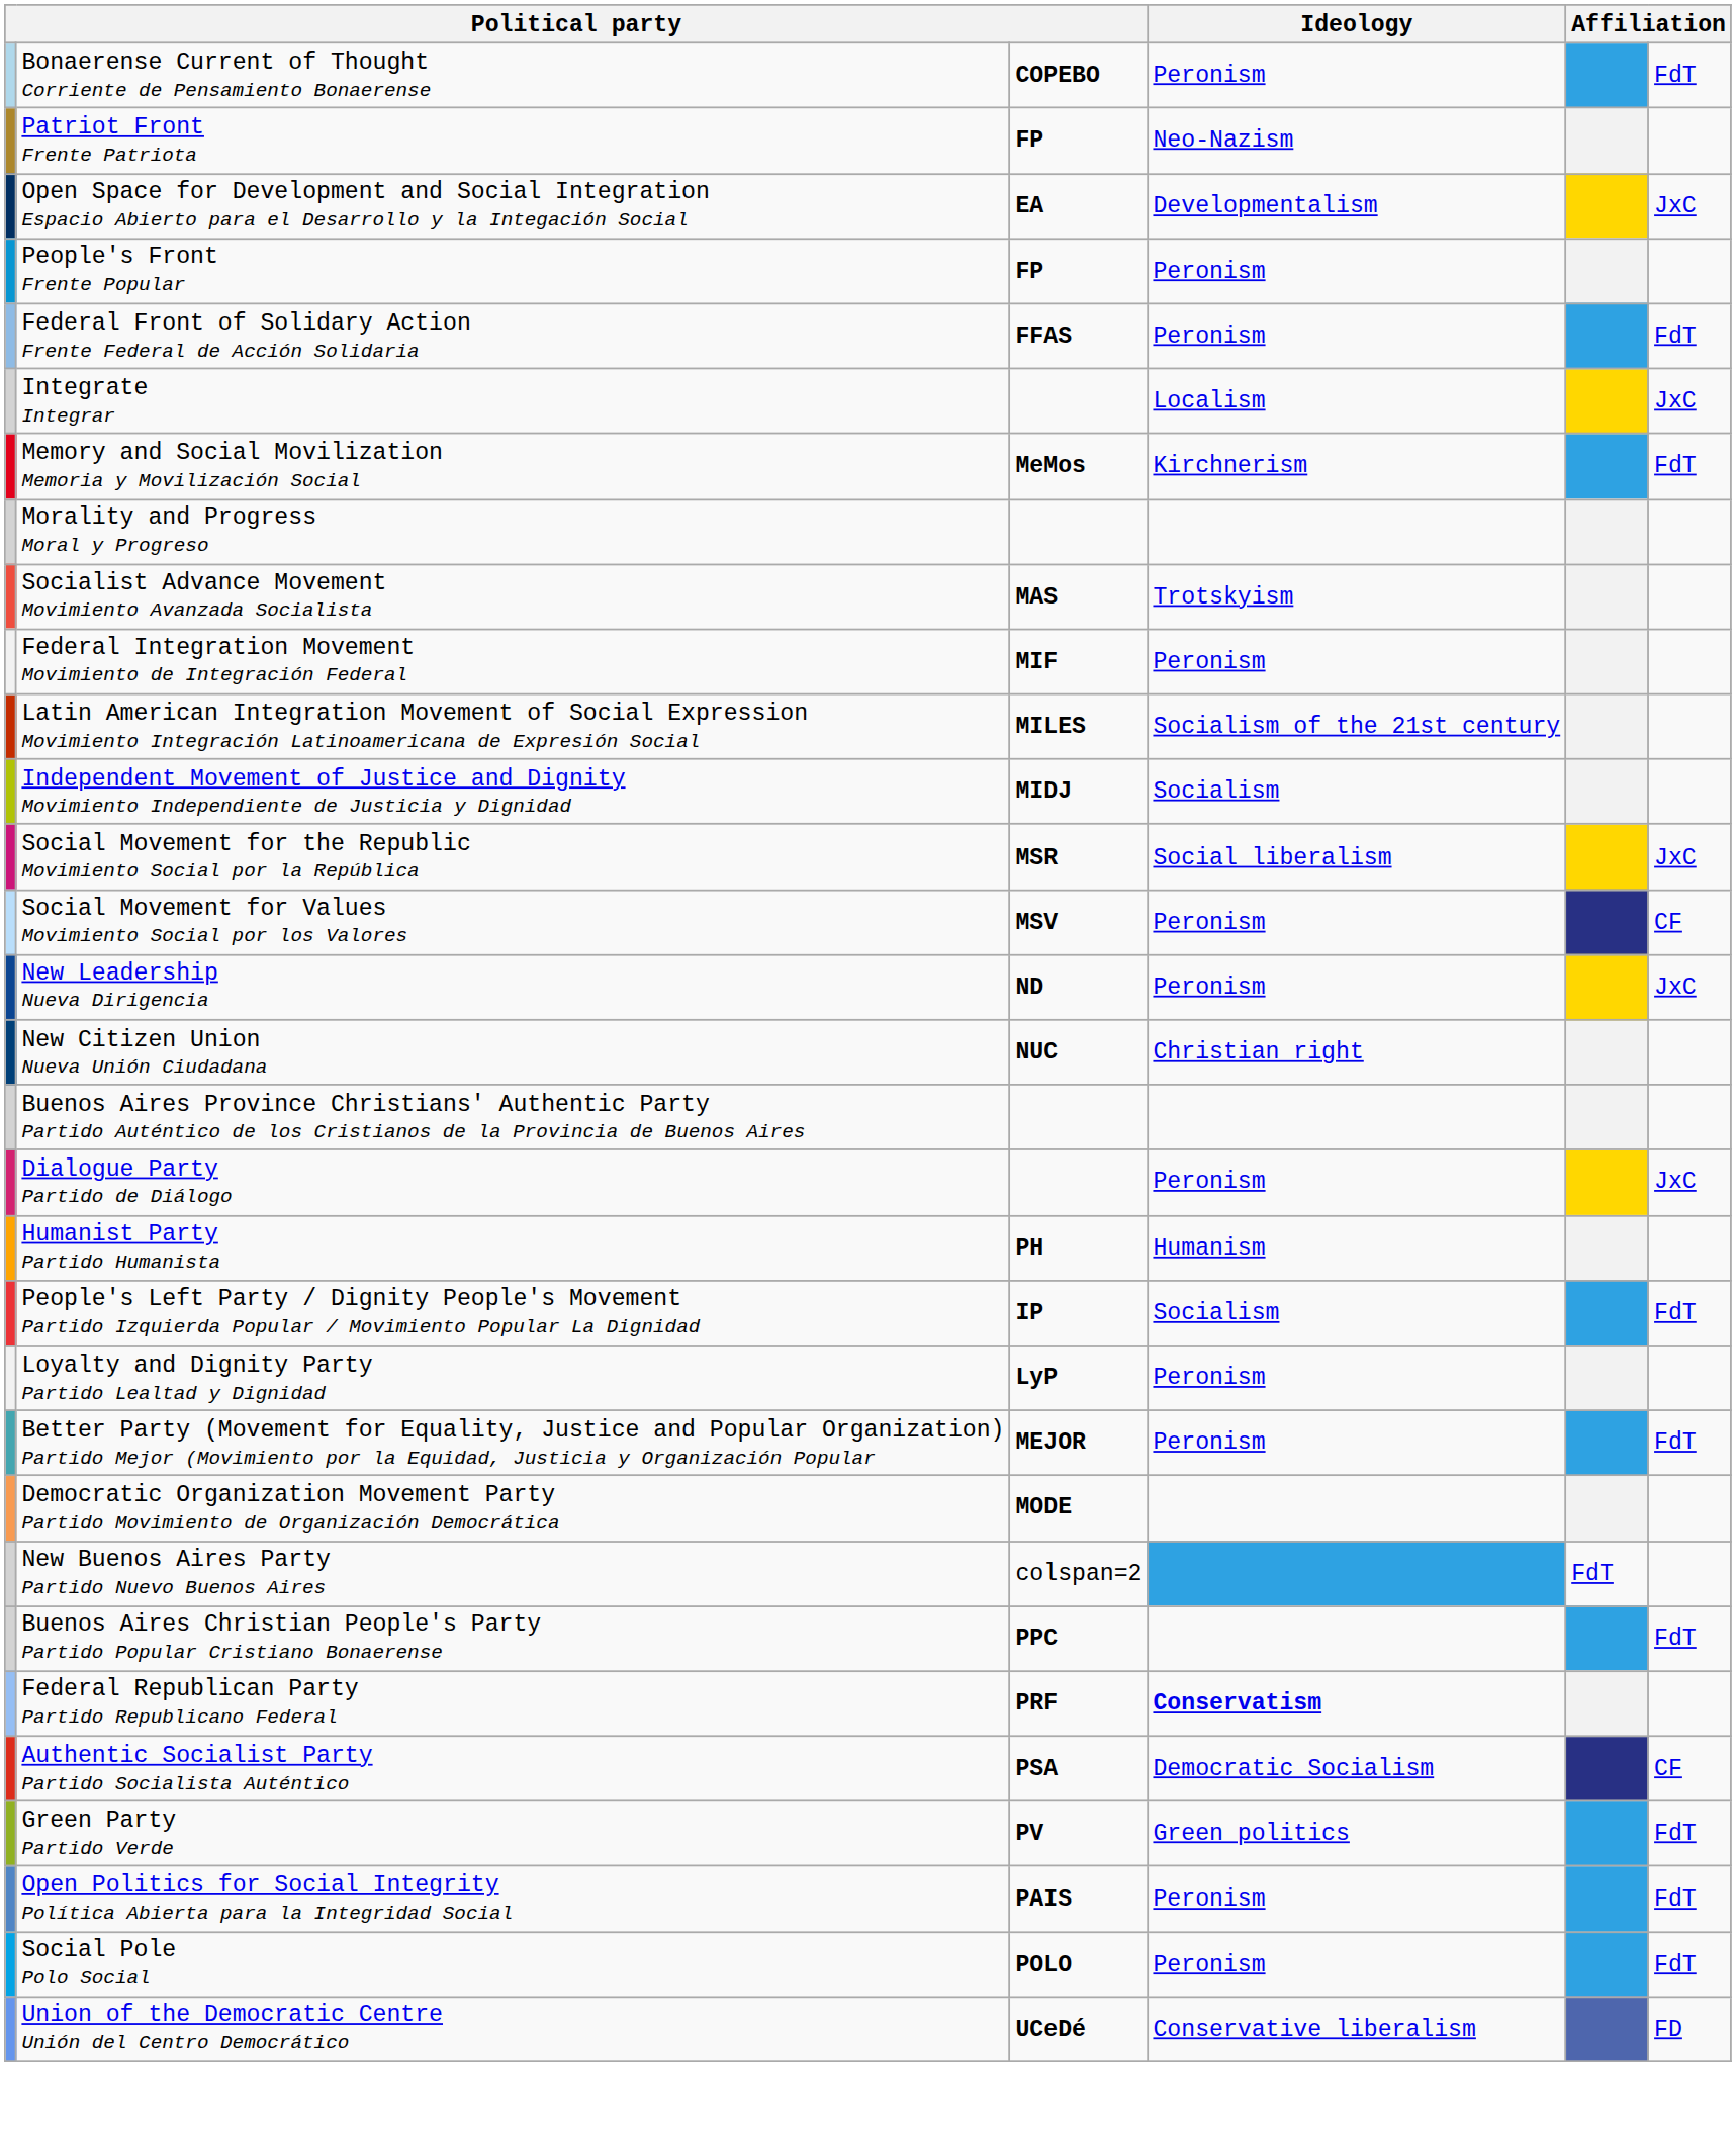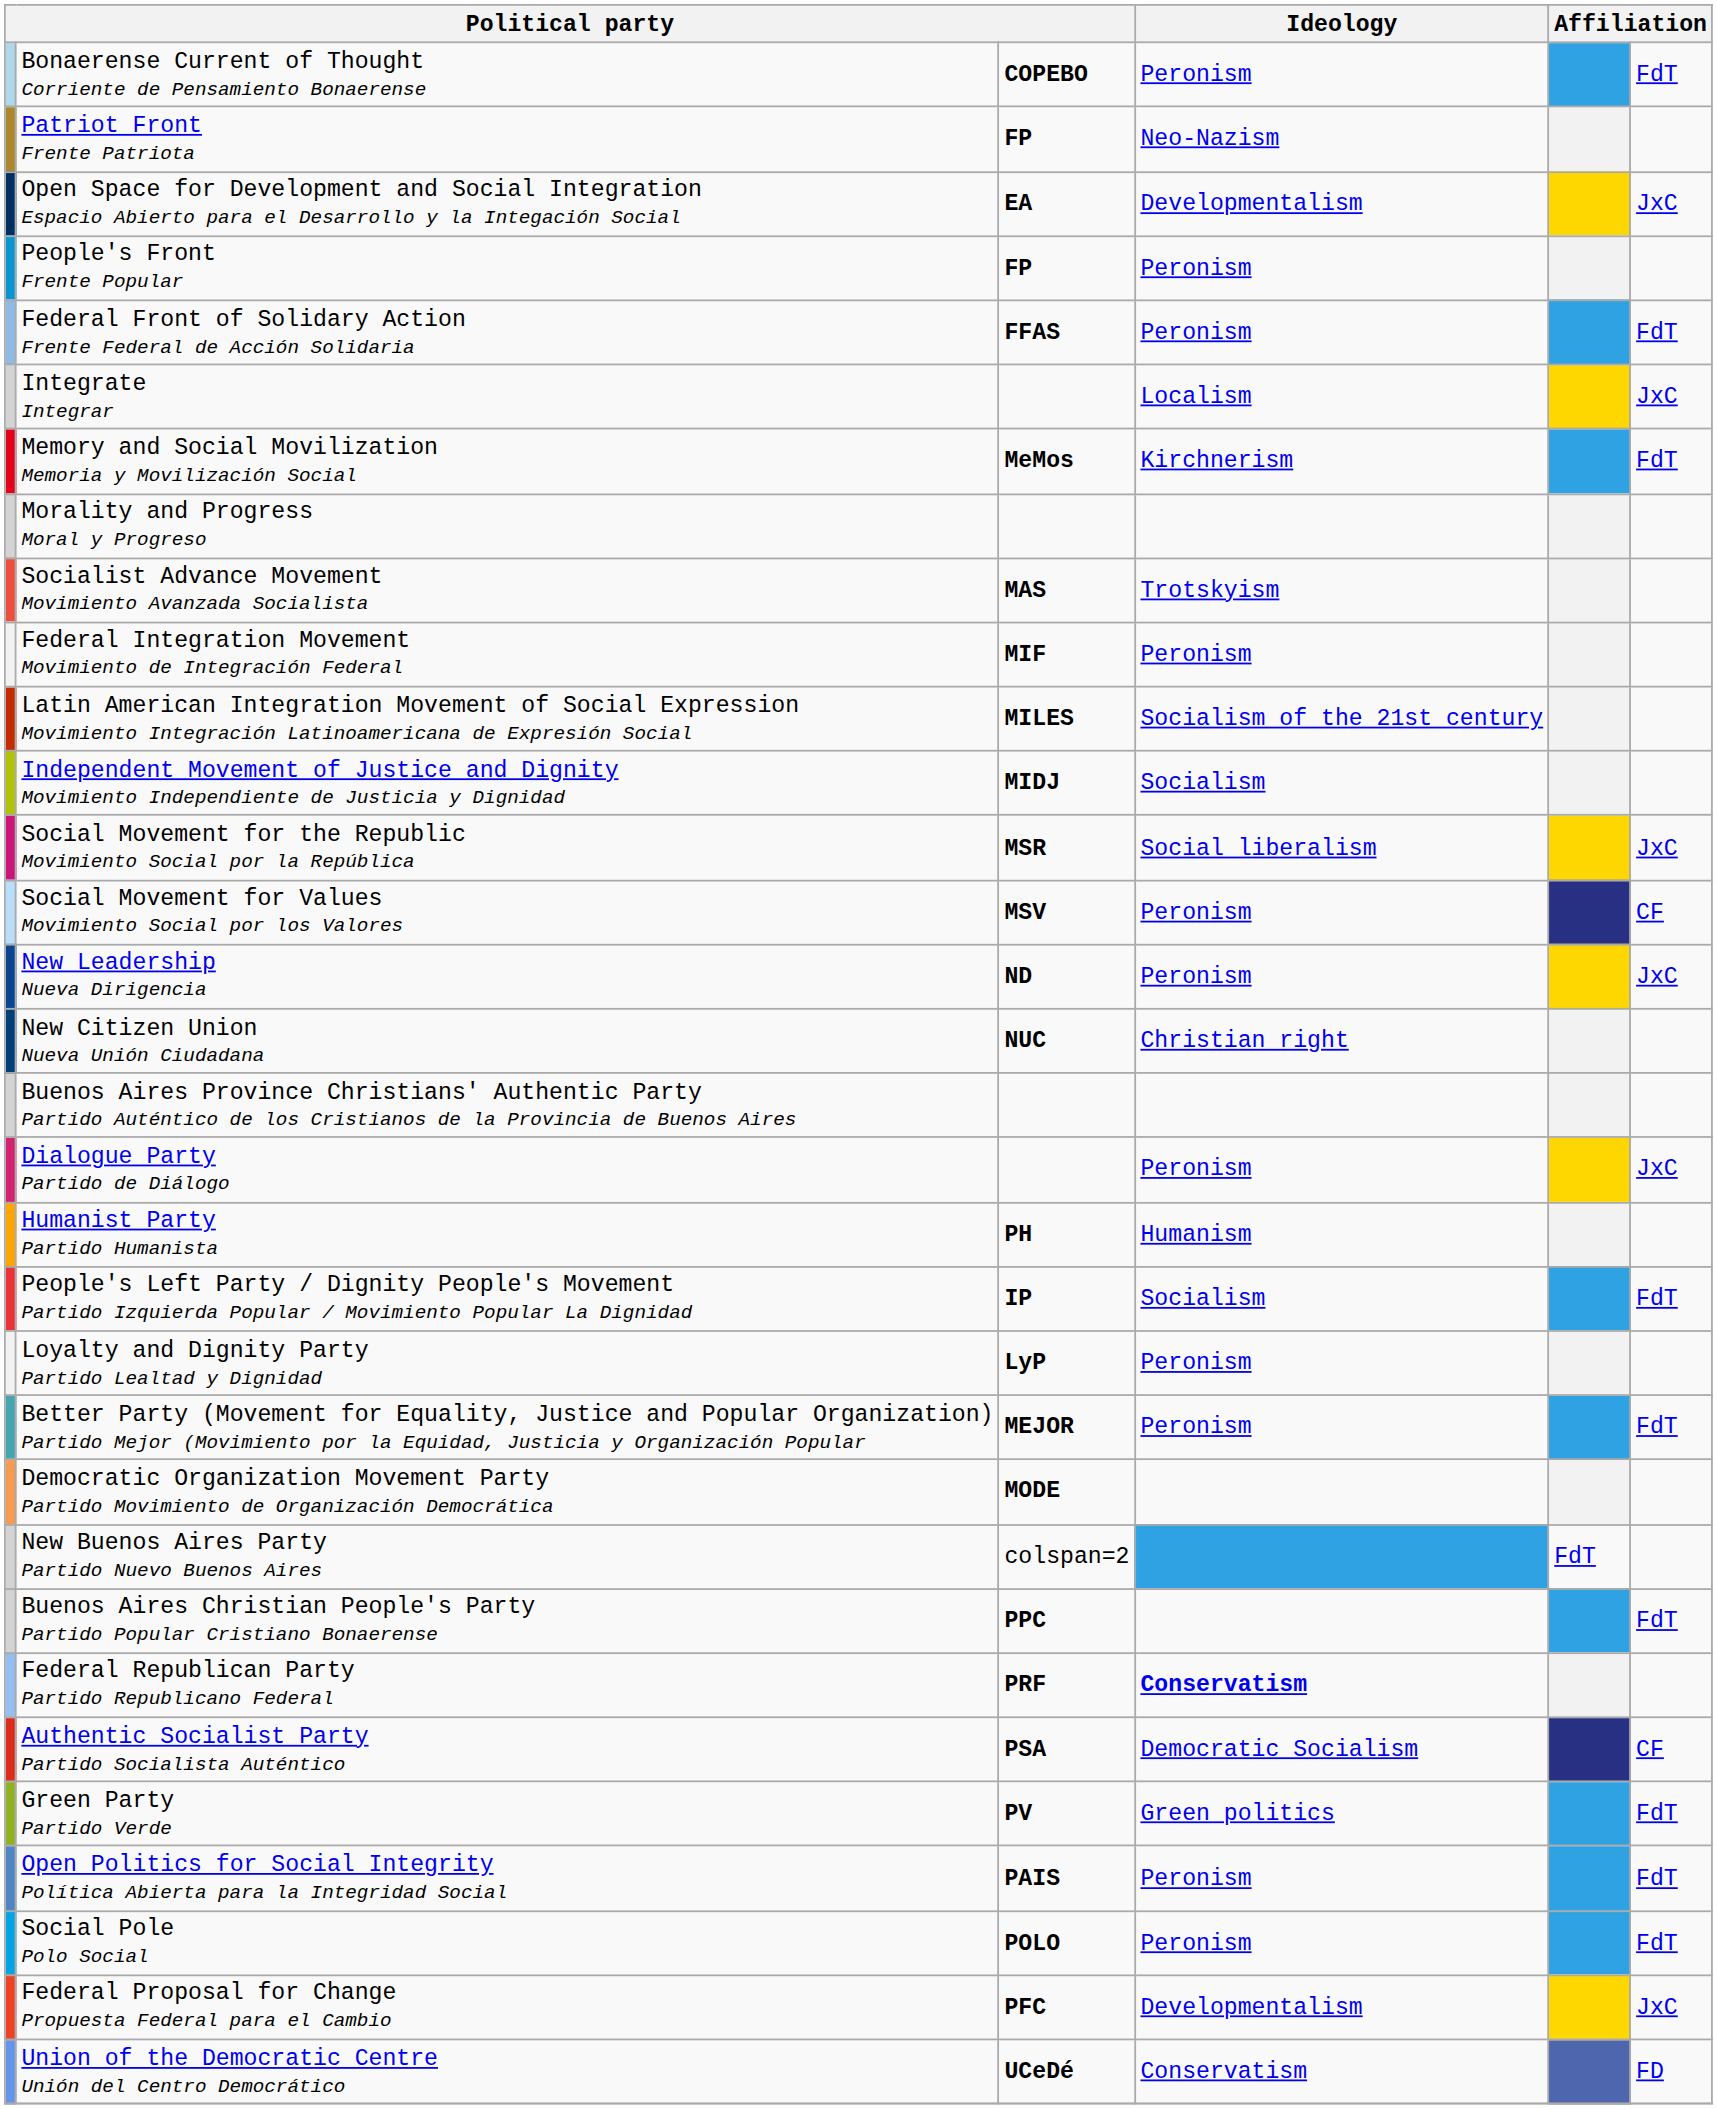 <table class="wikitable sortable">
 <tr>
 <th colspan=3>Political party</th>
 <th>Ideology</th>
 <th colspan=2>Affiliation</th>
 </tr>
 <tr>
 <th style="background:#afd8eb;"></th>
 <td>Bonaerense Current of Thought<br><small><em>Corriente de Pensamiento Bonaerense</em></small></td>
 <td><strong>COPEBO</strong></td>
 <td><a href='#'>Peronism</a></td>
 <th style="background:#2EA2E2;"></th>
 <td><a href='#'>FdT</a></td>
 </tr>
 <tr>
 <th style="background:#ac872c;"></th>
 <td><a href='#'>Patriot Front</a><br><small><em>Frente Patriota</em></small></td>
 <td><strong>FP</strong></td>
 <td><a href='#'>Neo-Nazism</a></td>
 <th style="background:;"></th>
 <td></td>
 </tr>
 <tr>
 <th style="background:#012f62;"></th>
 <td>Open Space for Development and Social Integration<br><small><em>Espacio Abierto para el Desarrollo y la Integación Social</em></small></td>
 <td><strong>EA</strong></td>
 <td><a href='#'>Developmentalism</a></td>
 <th style="background:#FFD700;"></th>
 <td><a href='#'>JxC</a></td>
 </tr>
 <tr>
 <th style="background:#0796d2;"></th>
 <td>People's Front<br><small><em>Frente Popular</em></small></td>
 <td><strong>FP</strong></td>
 <td><a href='#'>Peronism</a></td>
 <th style="background:;"></th>
 <td></td>
 </tr>
 <tr>
 <th style="background:#8ebbe5;"></th>
 <td>Federal Front of Solidary Action<br><small><em>Frente Federal de Acción Solidaria</em></small></td>
 <td><strong>FFAS</strong></td>
 <td><a href='#'>Peronism</a></td>
 <th style="background:#2EA2E2;"></th>
 <td><a href='#'>FdT</a></td>
 </tr>
 <tr>
 <th style="background:#D3D3D3;"></th>
 <td>Integrate<br><small><em>Integrar</em></small></td>
 <td></td>
 <td><a href='#'>Localism</a></td>
 <th style="background:#FFD700;"></th>
 <td><a href='#'>JxC</a></td>
 </tr>
 <tr>
 <th style="background:#e3001b;"></th>
 <td>Memory and Social Movilization<br><small><em>Memoria y Movilización Social</em></small></td>
 <td><strong>MeMos</strong></td>
 <td><a href='#'>Kirchnerism</a></td>
 <th style="background:#2EA2E2;"></th>
 <td><a href='#'>FdT</a></td>
 </tr>
 <tr>
 <th style="background:#D3D3D3;"></th>
 <td>Morality and Progress<br><small><em>Moral y Progreso</em></small></td>
 <td></td>
 <td></td>
 <th style="background:;"></th>
 <td></td>
 </tr>
 <tr>
 <th style="background:#ef4d3e;"></th>
 <td>Socialist Advance Movement<br><small><em>Movimiento Avanzada Socialista</em></small></td>
 <td><strong>MAS</strong></td>
 <td><a href='#'>Trotskyism</a></td>
 <th style="background:;"></th>
 <td></td>
 </tr>
 <tr>
 <th style="background:"></th>
 <td>Federal Integration Movement<br><small><em>Movimiento de Integración Federal</em></small></td>
 <td><strong>MIF</strong></td>
 <td><a href='#'>Peronism</a></td>
 <th style="background:;"></th>
 <td></td>
 </tr>
 <tr>
 <th style="background:#c42c00;"></th>
 <td>Latin American Integration Movement of Social Expression<br><small><em>Movimiento Integración Latinoamericana de Expresión Social</em></small></td>
 <td><strong>MILES</strong></td>
 <td><a href='#'>Socialism of the 21st century</a></td>
 <th style="background:;"></th>
 <td></td>
 </tr>
 <tr>
 <th style="background:#b0c306;"></th>
 <td><a href='#'>Independent Movement of Justice and Dignity</a><br><small><em>Movimiento Independiente de Justicia y Dignidad</em></small></td>
 <td><strong>MIDJ</strong></td>
 <td><a href='#'>Socialism</a></td>
 <th style="background:;"></th>
 <td></td>
 </tr>
 <tr>
 <th style="background:#cc1479;"></th>
 <td>Social Movement for the Republic<br><small><em>Movimiento Social por la República</em></small></td>
 <td><strong>MSR</strong></td>
 <td><a href='#'>Social liberalism</a></td>
 <th style="background:#FFD700;"></th>
 <td><a href='#'>JxC</a></td>
 </tr>
 <tr>
 <th style="background:#b9defb;"></th>
 <td>Social Movement for Values<br><small><em>Movimiento Social por los Valores</em></small></td>
 <td><strong>MSV</strong></td>
 <td><a href='#'>Peronism</a></td>
 <th style="background:#283084;"></th>
 <td><a href='#'>CF</a></td>
 </tr>
 <tr>
 <th style="background:#0b4592;"></th>
 <td><a href='#'>New Leadership</a><br><small><em>Nueva Dirigencia</em></small></td>
 <td><strong>ND</strong></td>
 <td><a href='#'>Peronism</a></td>
 <th style="background:#FFD700;"></th>
 <td><a href='#'>JxC</a></td>
 </tr>
 <tr>
 <th style="background:#004078;"></th>
 <td>New Citizen Union<br><small><em>Nueva Unión Ciudadana</em></small></td>
 <td><strong>NUC</strong></td>
 <td><a href='#'>Christian right</a></td>
 <th style="background:;"></th>
 <td></td>
 </tr>
 <tr>
 <th style="background:#d3d3d3;"></th>
 <td>Buenos Aires Province Christians' Authentic Party<br><small><em>Partido Auténtico de los Cristianos de la Provincia de Buenos Aires</em></small></td>
 <td></td>
 <td></td>
 <th style="background:;"></th>
 <td></td>
 </tr>
 <tr>
 <th style="background:#D32270;"></th>
 <td><a href='#'>Dialogue Party</a><br><small><em>Partido de Diálogo</em></small></td>
 <td></td>
 <td><a href='#'>Peronism</a></td>
 <th style="background:#FFD700;"></th>
 <td><a href='#'>JxC</a></td>
 </tr>
 <tr>
 <th style="background:orange;"></th>
 <td><a href='#'>Humanist Party</a><br><small><em>Partido Humanista</em></small></td>
 <td><strong>PH</strong></td>
 <td><a href='#'>Humanism</a></td>
 <th style="background:;"></th>
 <td></td>
 </tr>
 <tr>
 <th style="background:#ec3237;"></th>
 <td>People's Left Party / Dignity People's Movement<br><small><em>Partido Izquierda Popular / Movimiento Popular La Dignidad</em></small></td>
 <td><strong>IP</strong></td>
 <td><a href='#'>Socialism</a></td>
 <th style="background:#2EA2E2;"></th>
 <td><a href='#'>FdT</a></td>
 </tr>
 <tr>
 <th style="background:"></th>
 <td>Loyalty and Dignity Party<br><small><em>Partido Lealtad y Dignidad</em></small></td>
 <td><strong>LyP</strong></td>
 <td><a href='#'>Peronism</a></td>
 <th style="background:;"></th>
 <td></td>
 </tr>
 <tr>
 <th style="background:#43a6b0;"></th>
 <td>Better Party (Movement for Equality, Justice and Popular Organization)<br><small><em>Partido Mejor (Movimiento por la Equidad, Justicia y Organización Popular</em></small></td>
 <td><strong>MEJOR</strong></td>
 <td><a href='#'>Peronism</a></td>
 <th style="background:#2EA2E2;"></th>
 <td><a href='#'>FdT</a></td>
 </tr>
 <tr>
 <th style="background:#f89a50;"></th>
 <td>Democratic Organization Movement Party<br><small><em>Partido Movimiento de Organización Democrática</em></small></td>
 <td><strong>MODE</strong></td>
 <td></td>
 <th style="background:;"></th>
 <td></td>
 </tr>
 <tr>
 <th style="background:#d3d3d3;"></th>
 <td>New Buenos Aires Party<br><small><em>Partido Nuevo Buenos Aires</em></small></td>
 <td>colspan=2 </td>
 <th style="background:#2EA2E2;"></th>
 <td><a href='#'>FdT</a></td>
 </tr>
 <tr>
 <th style="background:#d3d3d3;"></th>
 <td>Buenos Aires Christian People's Party<br><small><em>Partido Popular Cristiano Bonaerense</em></small></td>
 <td><strong>PPC</strong></td>
 <td></td>
 <th style="background:#2EA2E2;"></th>
 <td><a href='#'>FdT</a></td>
 </tr>
 <tr>
 <th style="background:#95bef4;"></th>
 <td>Federal Republican Party<br><small><em>Partido Republicano Federal</em></small></td>
 <td><strong>PRF</strong></td>
 <td><strong><a href='#'>Conservatism</a></strong></td>
 <th style="background:;"></th>
 <td></td>
 </tr>
 <tr>
 <th style="background:#DD2C1A;"></th>
 <td><a href='#'>Authentic Socialist Party</a><br><small><em>Partido Socialista Auténtico</em></small></td>
 <td><strong>PSA</strong></td>
 <td><a href='#'>Democratic Socialism</a></td>
 <th style="background:#283084;"></th>
 <td><a href='#'>CF</a></td>
 </tr>
 <tr>
 <th style="background:#90b122;"></th>
 <td>Green Party<br><small><em>Partido Verde</em></small></td>
 <td><strong>PV</strong></td>
 <td><a href='#'>Green politics</a></td>
 <th style="background:#2EA2E2;"></th>
 <td><a href='#'>FdT</a></td>
 </tr>
 <tr>
 <th style="background:#4f85c5;"></th>
 <td><a href='#'>Open Politics for Social Integrity</a><br><small><em>Política Abierta para la Integridad Social</em></small></td>
 <td><strong>PAIS</strong></td>
 <td><a href='#'>Peronism</a></td>
 <th style="background:#2EA2E2;"></th>
 <td><a href='#'>FdT</a></td>
 </tr>
 <tr>
 <th style="background:#02a4e5;"></th>
 <td>Social Pole<br><small><em>Polo Social</em></small></td>
 <td><strong>POLO</strong></td>
 <td><a href='#'>Peronism</a></td>
 <th style="background:#2EA2E2;"></th>
 <td><a href='#'>FdT</a></td>
 </tr>
 <tr>
+<th style="background:#ef4123;"></th>
+<td>Federal Proposal for Change<br><small><em>Propuesta Federal para el Cambio</em></small></td>
+<td><strong>PFC</strong></td>
+<td><a href='#'>Developmentalism</a></td>
+<th style="background:#FFD700;"></th>
+<td><a href='#'>JxC</a></td>
+</tr>
+<tr>
 <th style="background:#6495ED;"></th>
 <td><a href='#'>Union of the Democratic Centre</a><br><small><em>Unión del Centro Democrático</em></small></td>
 <td><strong>UCeDé</strong></td>
-<td><a href='#'>Conservative liberalism</a></td>
+<td><a href='#'>Conservatism</a></td>
 <th style="background:#4E66AD;"></th>
 <td><a href='#'>FD</a></td>
 </tr>
 <tr>
 </tr>
 </table>
